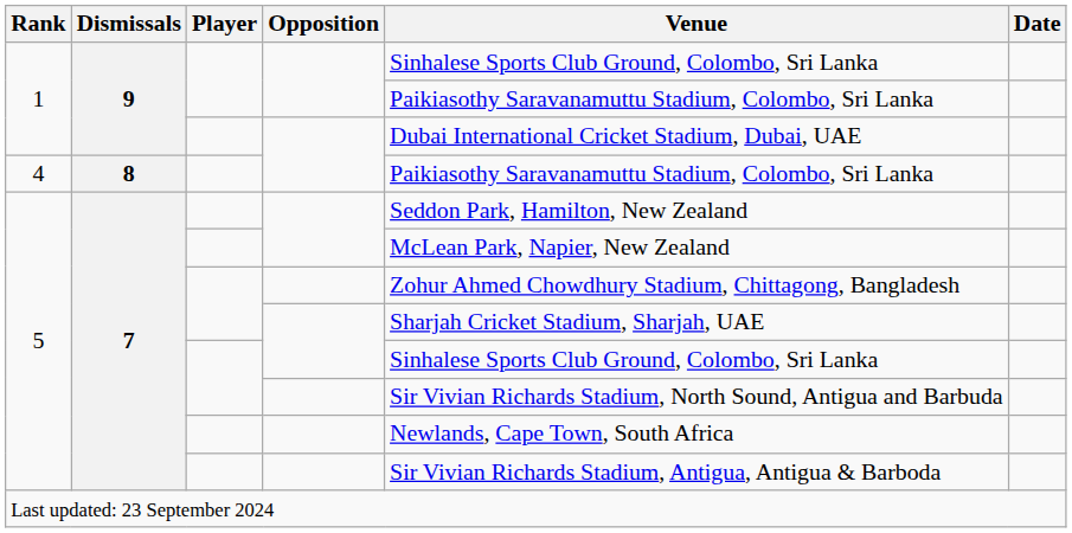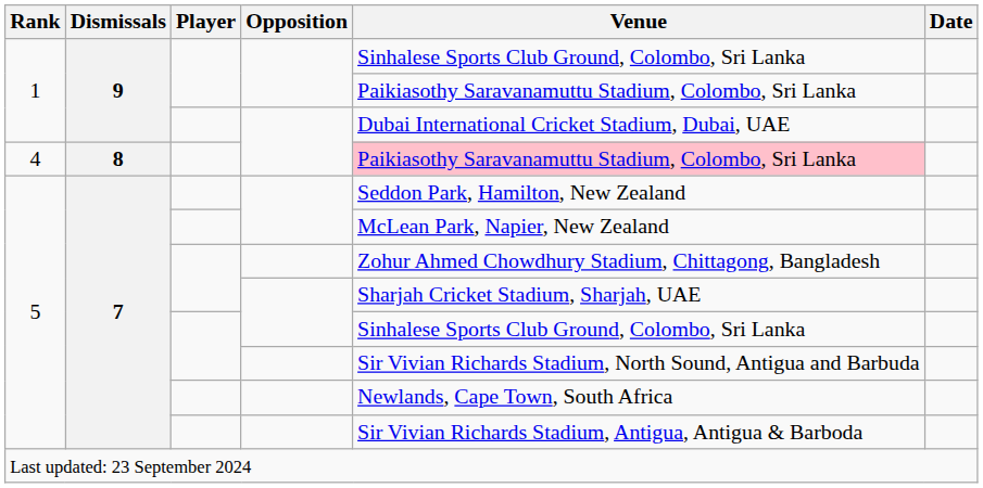 <table class="wikitable plainrowheaders sortable">
 <tr>
 <th scope=col>Rank</th>
 <th scope=col>Dismissals</th>
 <th scope=col>Player</th>
 <th scope=col>Opposition</th>
 <th scope=col>Venue</th>
 <th scope=col>Date</th>
 </tr>
 <tr>
 <td style="text-align:center" rowspan=3>1</td>
 <th scope=row style=text-align:center; rowspan=3>9</th>
 <td rowspan=2></td>
 <td rowspan=2></td>
 <td><a href='#'>Sinhalese Sports Club Ground</a>, <a href='#'>Colombo</a>, Sri Lanka</td>
 <td></td>
 </tr>
 <tr>
 <td><a href='#'>Paikiasothy Saravanamuttu Stadium</a>, <a href='#'>Colombo</a>, Sri Lanka</td>
 <td></td>
 </tr>
 <tr>
 <td></td>
 <td rowspan=2></td>
 <td><a href='#'>Dubai International Cricket Stadium</a>, <a href='#'>Dubai</a>, UAE</td>
 <td></td>
 </tr>
 <tr>
 <td style="text-align:center">4</td>
 <th scope=row style=text-align:center;>8</th>
 <td></td>
-<td><a href='#'>Paikiasothy Saravanamuttu Stadium</a>, <a href='#'>Colombo</a>, Sri Lanka</td>
+<td style="background: pink;"><a href='#'>Paikiasothy Saravanamuttu Stadium</a>, <a href='#'>Colombo</a>, Sri Lanka</td>
 <td></td>
 </tr>
 <tr>
 <td style="text-align:center" rowspan=8>5</td>
 <th scope=row style=text-align:center; rowspan=8>7</th>
 <td></td>
 <td rowspan=2></td>
 <td><a href='#'>Seddon Park</a>, <a href='#'>Hamilton</a>, New Zealand</td>
 <td></td>
 </tr>
 <tr>
 <td></td>
 <td><a href='#'>McLean Park</a>, <a href='#'>Napier</a>, New Zealand</td>
 <td></td>
 </tr>
 <tr>
 <td rowspan=2></td>
 <td></td>
 <td><a href='#'>Zohur Ahmed Chowdhury Stadium</a>, <a href='#'>Chittagong</a>, Bangladesh</td>
 <td></td>
 </tr>
 <tr>
 <td rowspan=2></td>
 <td><a href='#'>Sharjah Cricket Stadium</a>, <a href='#'>Sharjah</a>, UAE</td>
 <td></td>
 </tr>
 <tr>
 <td rowspan=2></td>
 <td><a href='#'>Sinhalese Sports Club Ground</a>, <a href='#'>Colombo</a>, Sri Lanka</td>
 <td></td>
 </tr>
 <tr>
 <td></td>
 <td><a href='#'>Sir Vivian Richards Stadium</a>, North Sound, Antigua and Barbuda</td>
 <td></td>
 </tr>
 <tr>
 <td></td>
 <td></td>
 <td><a href='#'>Newlands</a>, <a href='#'>Cape Town</a>, South Africa</td>
 <td></td>
 </tr>
 <tr>
 <td></td>
 <td></td>
 <td><a href='#'>Sir Vivian Richards Stadium</a>, <a href='#'>Antigua</a>, Antigua & Barboda</td>
 <td></td>
 </tr>
 <tr class=sortbottom>
 <td colspan=6><small>Last updated: 23 September 2024</small></td>
 </tr>
 </table>
